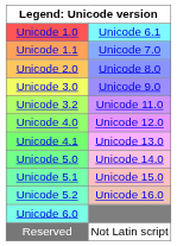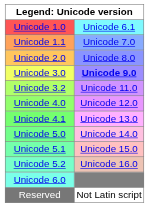 <table class="nounderlines" border="1" cellpadding="3" cellspacing="0" align="right" style="border-collapse:collapse;margin:0 0 0 4em;">
 <tr ---- align="center">
 <th colspan="2">Legend: Unicode version</th>
 </tr>
 <tr ---- align="center">
 <td style="background:#ff5555;" width="50%"><a href='#'>Unicode 1.0</a></td>
 <td style="background:#7ef9ff;"><a href='#'>Unicode 6.1</a></td>
 </tr>
 <tr ---- align="center">
 <td style="background:#ffa25a;"><a href='#'>Unicode 1.1</a></td>
 <td style="background:#87abff;"><a href='#'>Unicode 7.0</a></td>
 </tr>
 <tr ---- align="center">
 <td style="background:#ffc65d;"><a href='#'>Unicode 2.0</a></td>
 <td style="background:#8a94ff;"><a href='#'>Unicode 8.0</a></td>
 </tr>
 <tr ---- align="center">
 <td style="background:#f1ff63;"><a href='#'>Unicode 3.0</a></td>
-<td style="background:#9c8dff;"><a href='#'>Unicode 9.0</a></td>
+<td style="background:#9c8dff;"><strong><a href='#'>Unicode 9.0</a></strong></td>
 </tr>
 <tr ---- align="center">
 <td style="background:#b1ff69;"><a href='#'>Unicode 3.2</a></td>
 <td style="background:#d093ff;"><a href='#'>Unicode 11.0</a></td>
 </tr>
 <tr ---- align="center">
 <td style="background:#92ff6c;"><a href='#'>Unicode 4.0</a></td>
 <td style="background:#e896ff"><a href='#'>Unicode 12.0</a></td>
 </tr>
 <tr ---- align="center">
 <td style="background:#75ff6f;"><a href='#'>Unicode 4.1</a></td>
 <td style="background:#ffb0ff"><a href='#'>Unicode 13.0</a></td>
 </tr>
 <tr ---- align="center">
 <td style="background:#72ff8a;"><a href='#'>Unicode 5.0</a></td>
 <td style="background:#ffc0e0;"><a href='#'>Unicode 14.0</a></td>
 </tr>
 <tr ---- align="center">
 <td style="background:#75ffab;"><a href='#'>Unicode 5.1</a></td>
 <td style="background:#ffc0c0;"><a href='#'>Unicode 15.0</a></td>
 </tr>
 <tr ---- align="center">
 <td style="background:#78ffca;"><a href='#'>Unicode 5.2</a></td>
 <td style="background:#edc3b4;"><a href='#'>Unicode 16.0</a></td>
 </tr>
 <tr ---- align="center">
 <td style="background:#7bffe8;"><a href='#'>Unicode 6.0</a></td>
 <td style="background:#7f7f7f;"></td>
 </tr>
 <tr ---- align="center">
 <td style="background:#777777;color:#fff;">Reserved</td>
 <td style="background:#fff;">Not Latin script</td>
 </tr>
 </table>
